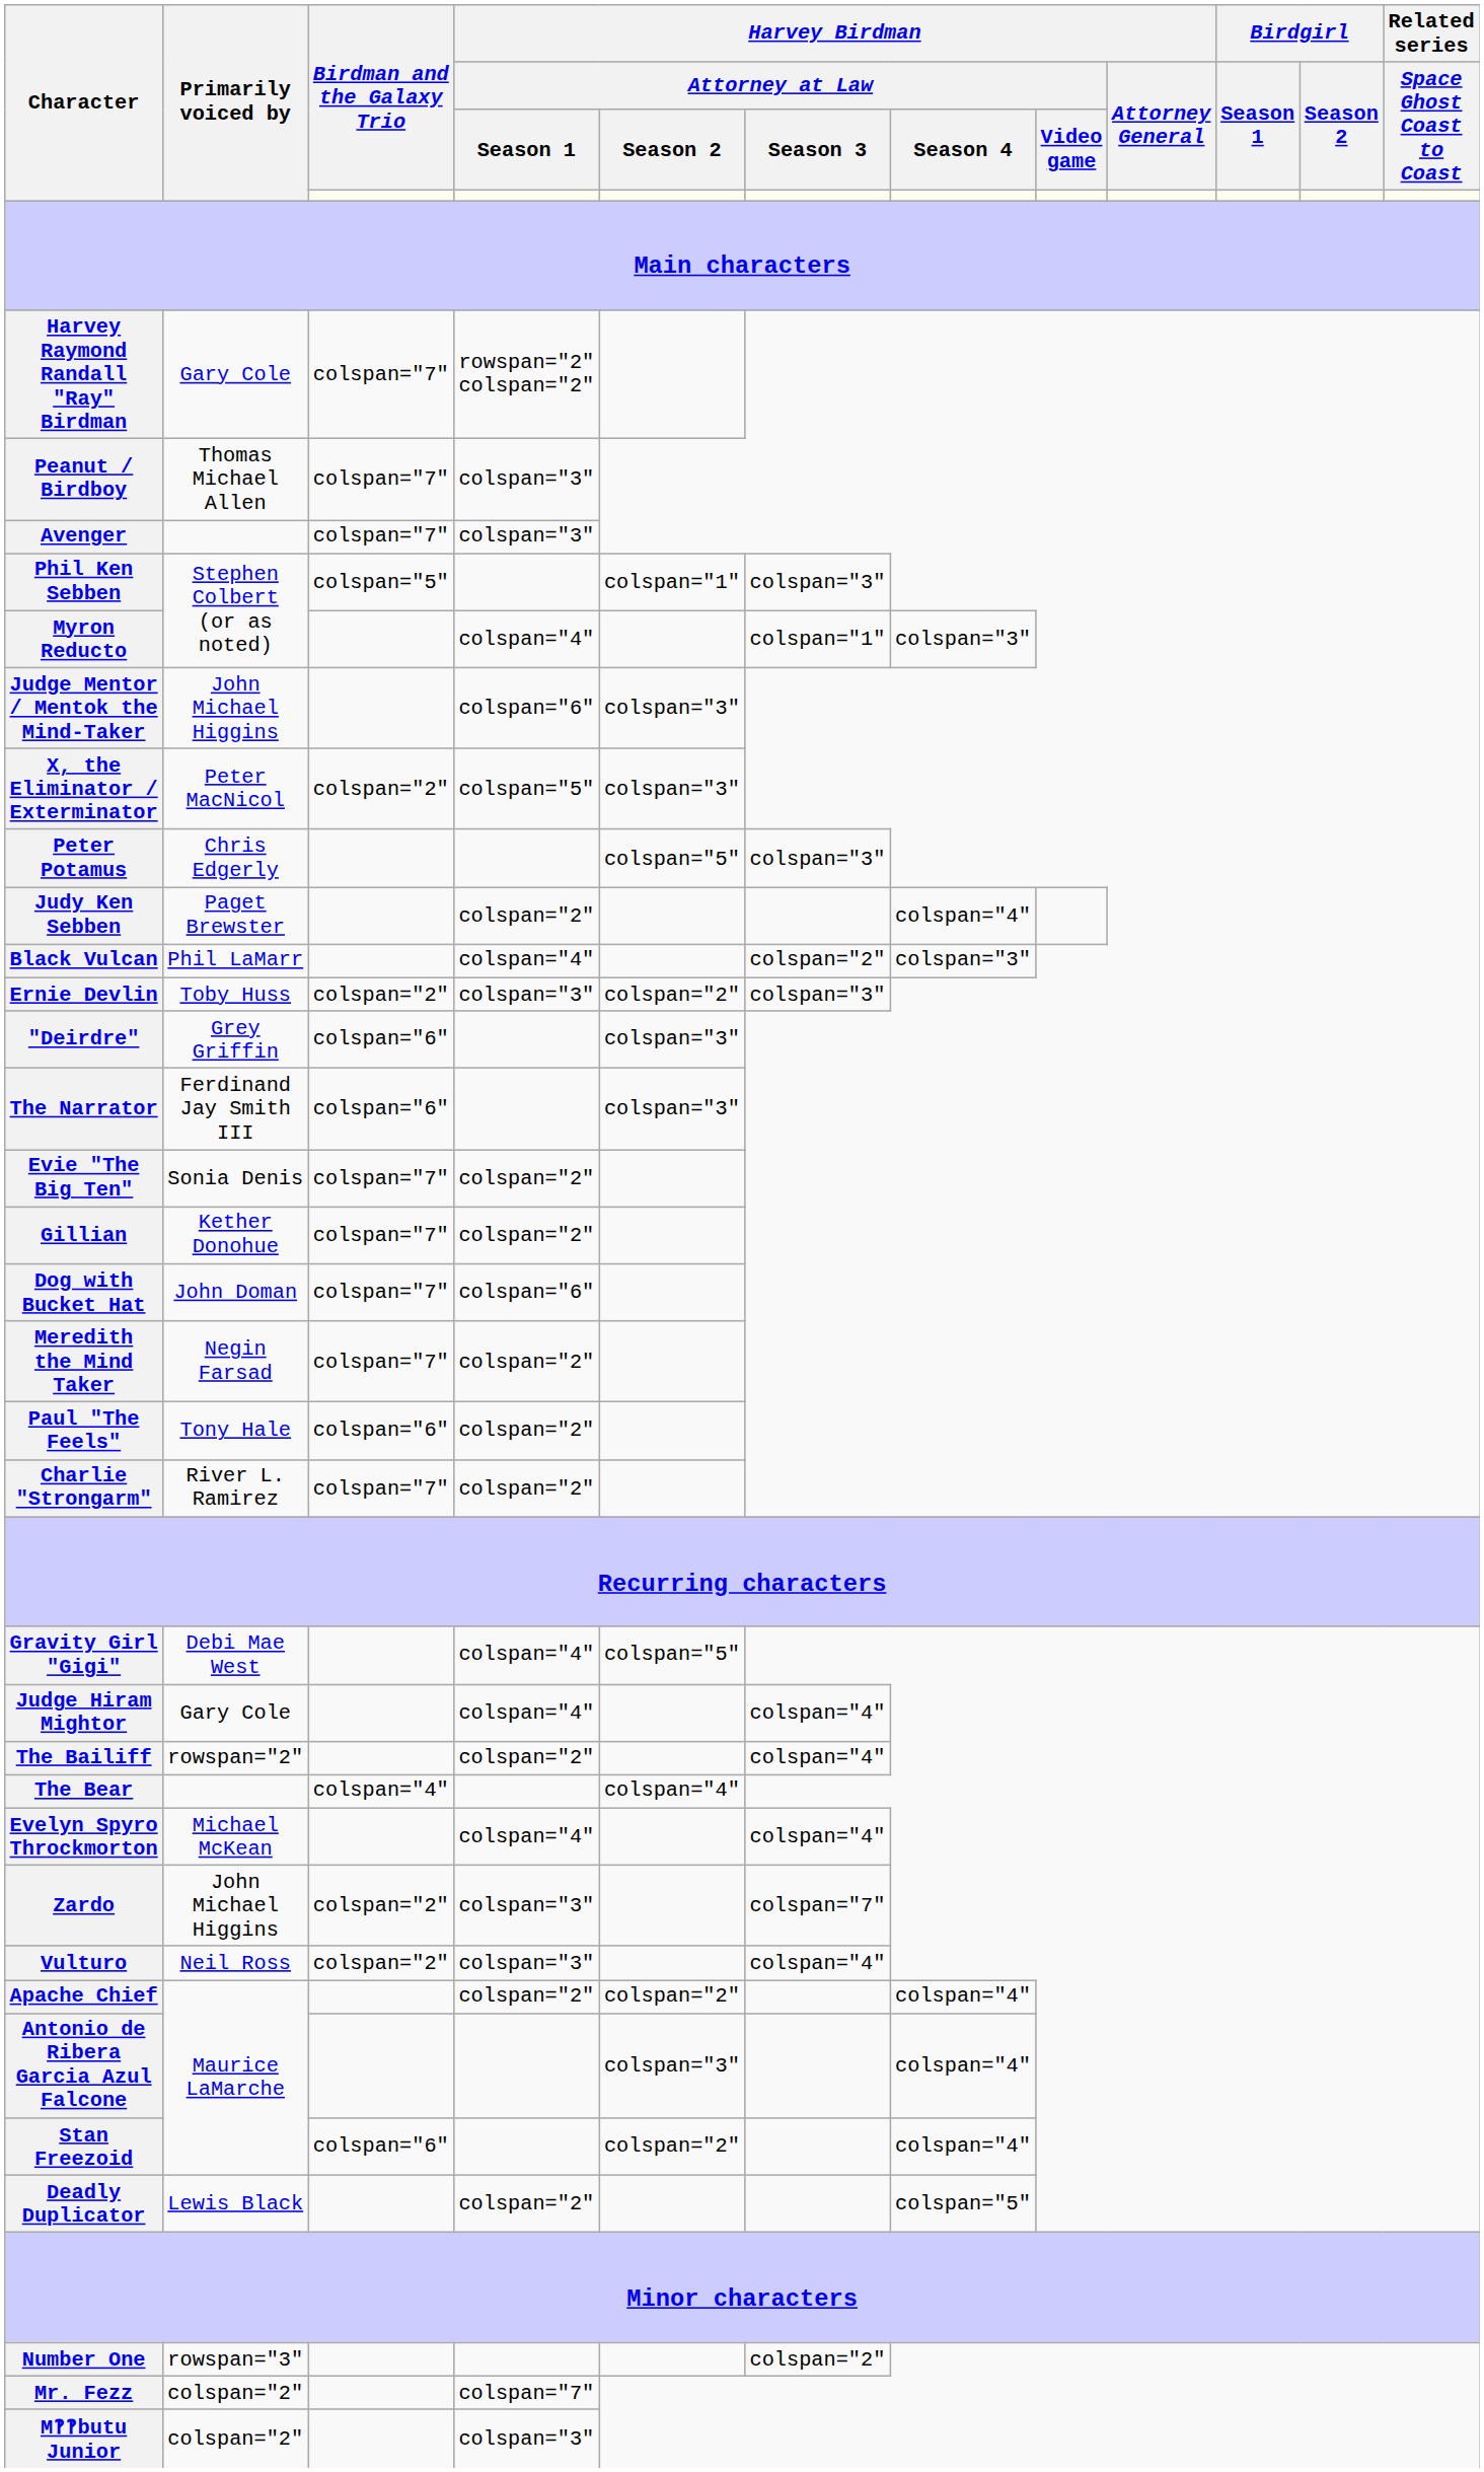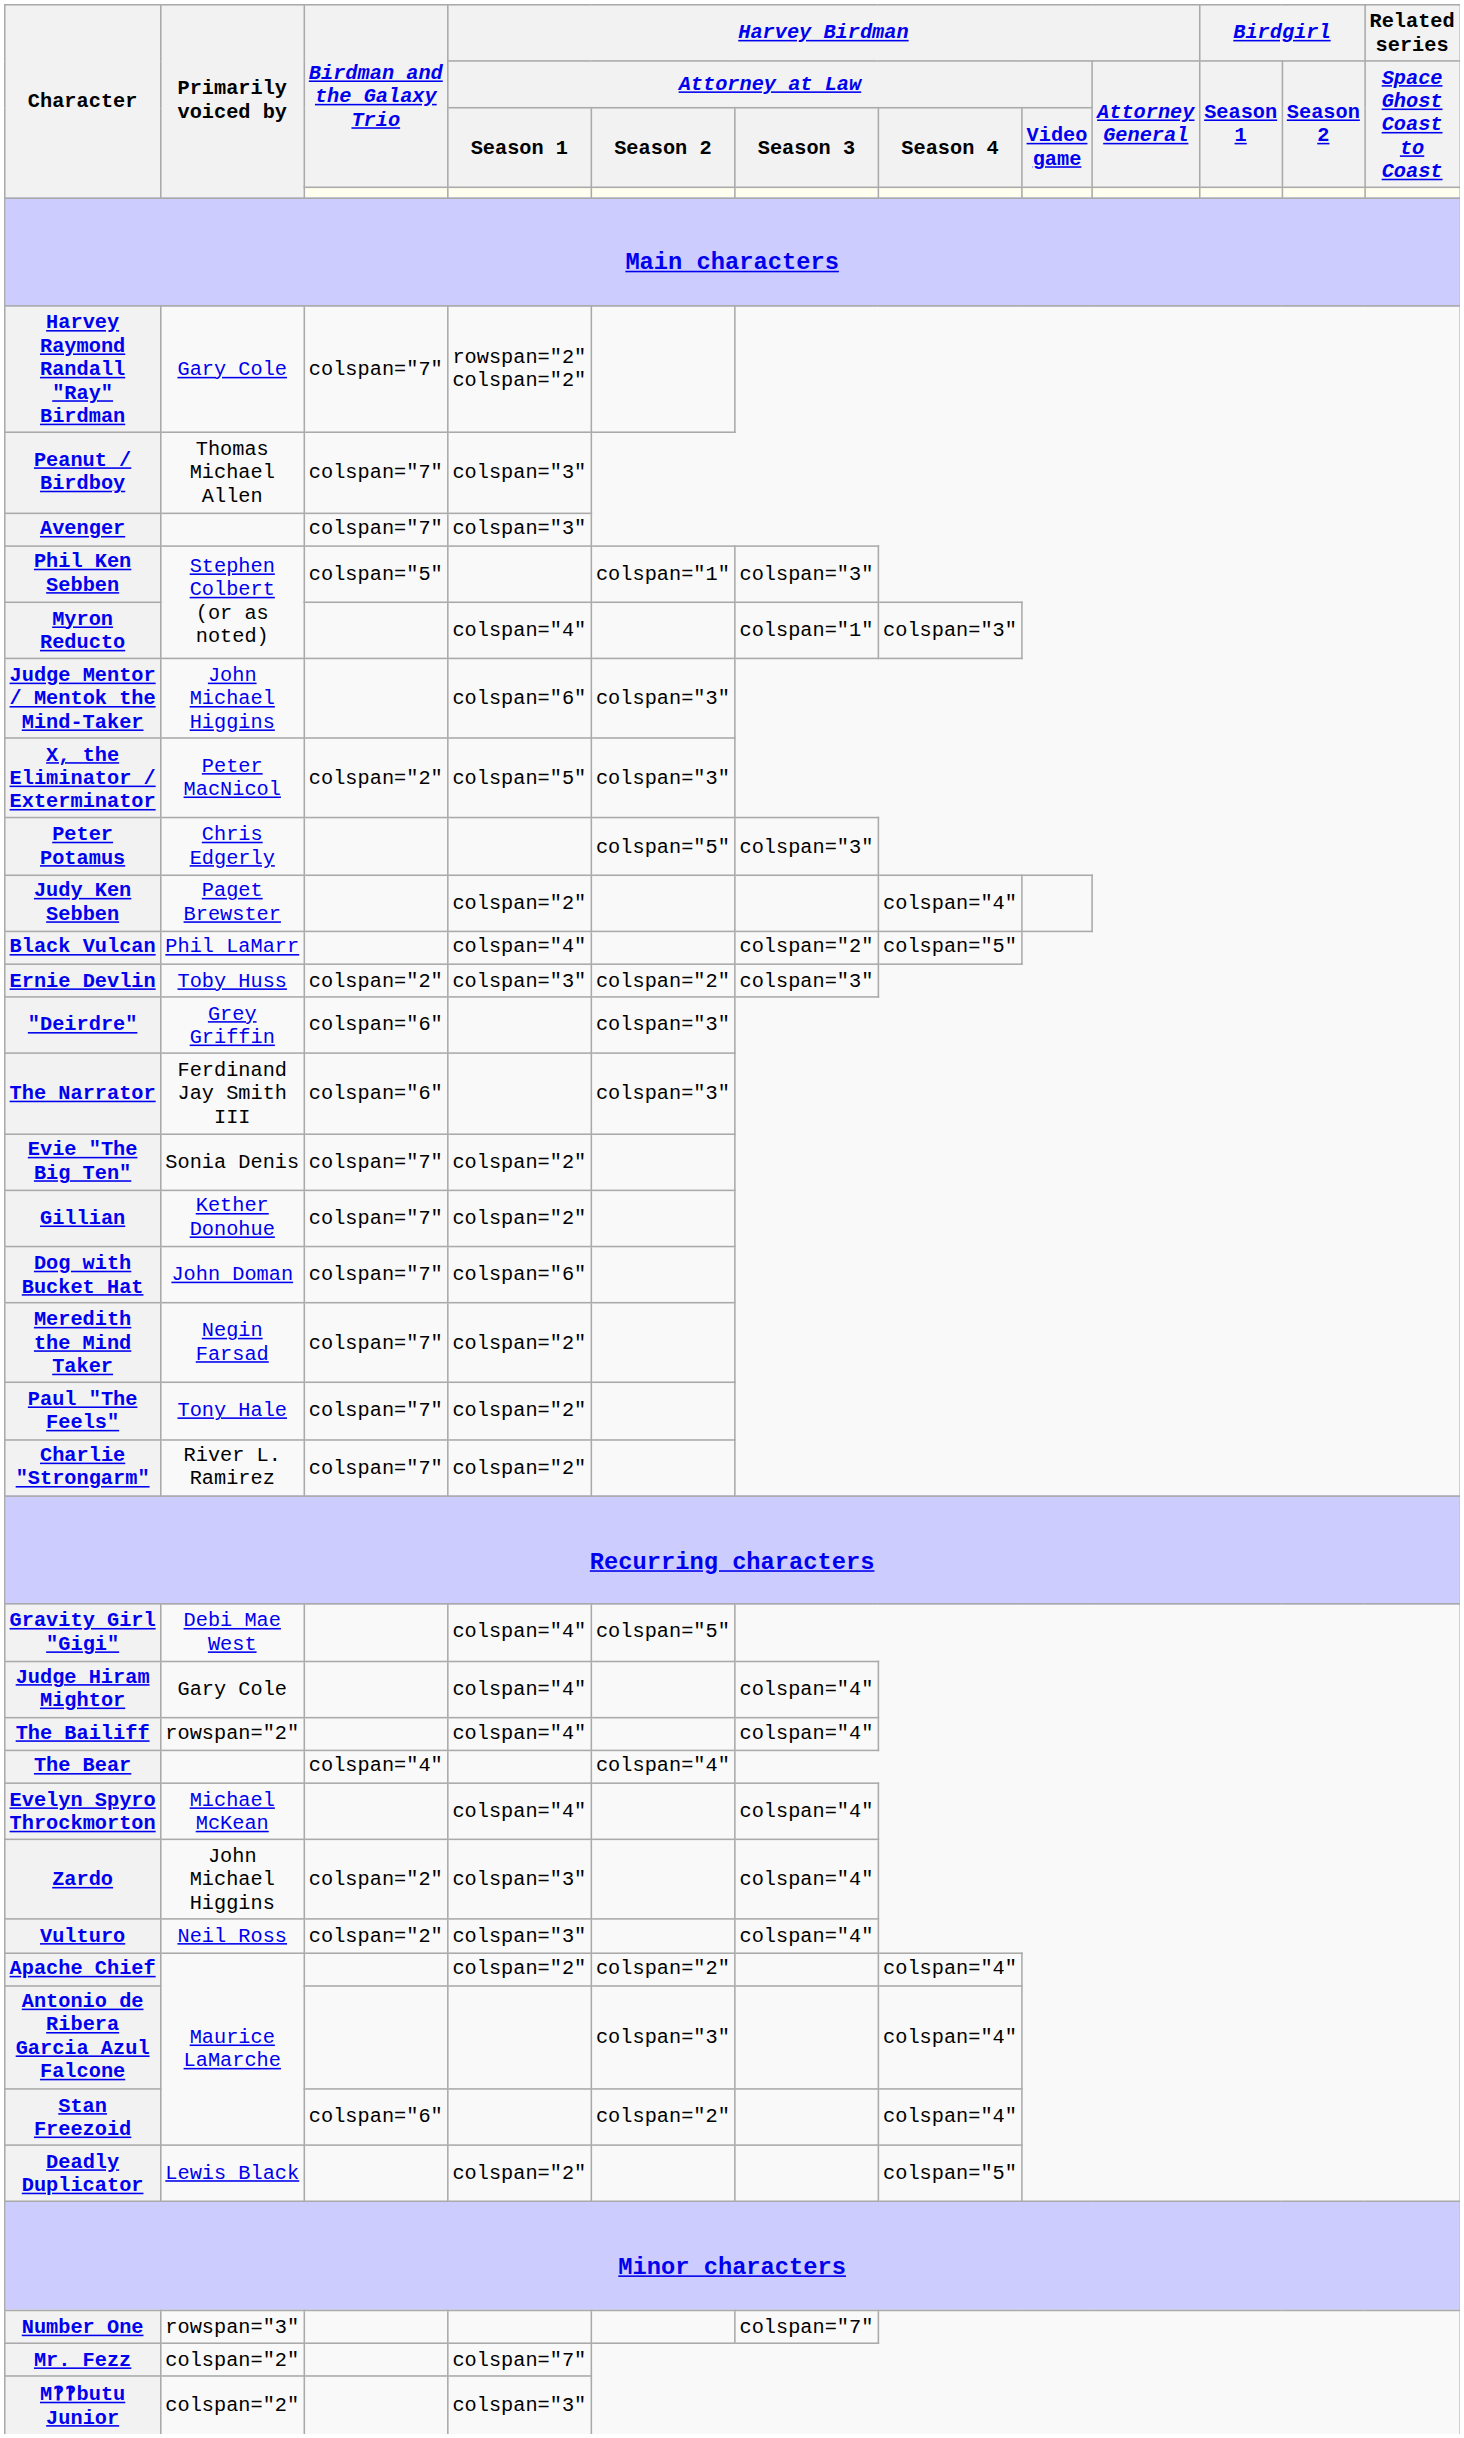 <table class="wikitable" style="text-align:center; width:100%">
 <tr>
 <th scope="col" rowspan="4" style="width:14%;">Character</th>
 <th scope="col" rowspan="4" style="width:10%;">Primarily<br>voiced by</th>
 <th scope="col" rowspan="3" style="width:9.5%;"><em><a href='#'>Birdman and the Galaxy Trio</a></em></th>
 <th scope="col" colspan="6"><em><a href='#'>Harvey Birdman</a></em></th>
 <th scope="col" colspan="2"><em><a href='#'>Birdgirl</a></em></th>
 <th scope="col">Related series</th>
 </tr>
 <tr>
 <th scope="col" colspan="5"><a href='#'><em>Attorney at Law</em></a></th>
 <th scope="col" rowspan="2" style="width:10.5%;"><a href='#'><em>Attorney General</em></a></th>
 <th scope="col" rowspan="2" style="width:6.5%;"><a href='#'>Season 1</a></th>
 <th scope="col" rowspan="2" style="width:6.5%;"><a href='#'>Season 2</a></th>
 <th scope="col" rowspan="2" style="width:10.5%;"><em><a href='#'>Space Ghost<br>Coast to Coast</a></em></th>
 </tr>
 <tr>
 <th scope="col" style="width:6.5%;">Season 1</th>
 <th scope="col" style="width:6.5%;">Season 2</th>
 <th scope="col" style="width:6.5%;">Season 3</th>
 <th scope="col" style="width:6.5%;">Season 4</th>
 <th scope="col" style="width:7.5%;"><a href='#'>Video game</a></th>
 </tr>
 <tr>
 <td style="background:ivory;"></td>
 <td style="background:ivory;"></td>
 <td style="background:ivory;"></td>
 <td style="background:ivory;"></td>
 <td style="background:ivory;"></td>
 <td style="background:ivory;"></td>
 <td style="background:ivory;"></td>
 <td style="background:ivory;"></td>
 <td style="background:ivory;"></td>
 <td style="background:ivory;"></td>
 </tr>
 <tr>
 <th colspan="13" style="background:#ccccff;"><br><h3><a href='#'>Main characters</a></h3></th>
 </tr>
 <tr>
 <th scope="row"><a href='#'>Harvey Raymond Randall "Ray" Birdman</a></th>
 <td><a href='#'>Gary Cole</a></td>
 <td>colspan="7" </td>
 <td>rowspan="2" colspan="2" </td>
 <td></td>
 </tr>
 <tr>
 <th scope="row"><a href='#'>Peanut / Birdboy</a></th>
 <td>Thomas Michael Allen</td>
 <td>colspan="7" </td>
 <td>colspan="3" </td>
 </tr>
 <tr>
 <th scope="row"><a href='#'>Avenger</a></th>
 <td></td>
 <td>colspan="7" </td>
 <td>colspan="3" </td>
 </tr>
 <tr>
 <th scope="row"><a href='#'>Phil Ken Sebben<br></a></th>
 <td rowspan="2"><a href='#'>Stephen Colbert</a><br>(or as noted)</td>
 <td>colspan="5" </td>
 <td></td>
 <td>colspan="1" </td>
 <td>colspan="3" </td>
 </tr>
 <tr>
 <th scope="row"><a href='#'>Myron Reducto</a></th>
 <td></td>
 <td>colspan="4" </td>
 <td></td>
 <td>colspan="1" </td>
 <td>colspan="3" </td>
 </tr>
 <tr>
 <th scope="row"><a href='#'>Judge Mentor / Mentok the Mind-Taker</a></th>
 <td><a href='#'>John Michael Higgins</a></td>
 <td></td>
 <td>colspan="6" </td>
 <td>colspan="3" </td>
 </tr>
 <tr>
 <th scope="row"><a href='#'>X, the Eliminator / Exterminator</a></th>
 <td><a href='#'>Peter MacNicol</a></td>
 <td>colspan="2" </td>
 <td>colspan="5" </td>
 <td>colspan="3" </td>
 </tr>
 <tr>
 <th scope="row"><a href='#'>Peter Potamus</a></th>
 <td><a href='#'>Chris Edgerly</a></td>
 <td></td>
 <td></td>
 <td>colspan="5" </td>
 <td>colspan="3" </td>
 </tr>
 <tr>
 <th scope="row"><a href='#'>Judy Ken Sebben<br></a></th>
 <td><a href='#'>Paget Brewster</a></td>
 <td></td>
 <td>colspan="2" </td>
 <td></td>
 <td></td>
 <td>colspan="4" </td>
 <td></td>
 </tr>
 <tr>
 <th scope="row"><a href='#'>Black Vulcan</a></th>
 <td><a href='#'>Phil LaMarr</a></td>
 <td></td>
 <td>colspan="4" </td>
 <td></td>
 <td>colspan="2" </td>
-<td>colspan="3" </td>
+<td>colspan="5" </td>
 </tr>
 <tr>
 <th scope="row"><a href='#'>Ernie Devlin</a></th>
 <td><a href='#'>Toby Huss</a></td>
 <td>colspan="2" </td>
 <td>colspan="3" </td>
 <td>colspan="2" </td>
 <td>colspan="3" </td>
 </tr>
 <tr>
 <th scope="row"><a href='#'>"Deirdre"</a></th>
 <td><a href='#'>Grey Griffin</a></td>
 <td>colspan="6" </td>
 <td></td>
 <td>colspan="3" </td>
 </tr>
 <tr>
 <th scope="row"><a href='#'>The Narrator</a></th>
 <td>Ferdinand Jay Smith III</td>
 <td>colspan="6" </td>
 <td></td>
 <td>colspan="3" </td>
 </tr>
 <tr>
 <th scope="row"><a href='#'>Evie "The Big Ten"</a></th>
 <td>Sonia Denis</td>
 <td>colspan="7" </td>
 <td>colspan="2" </td>
 <td></td>
 </tr>
 <tr>
 <th scope="row"><a href='#'>Gillian</a></th>
 <td><a href='#'>Kether Donohue</a></td>
 <td>colspan="7" </td>
 <td>colspan="2" </td>
 <td></td>
 </tr>
 <tr>
 <th scope="row"><a href='#'>Dog with Bucket Hat</a></th>
 <td><a href='#'>John Doman</a></td>
 <td>colspan="7" </td>
 <td>colspan="6" </td>
 <td></td>
 </tr>
 <tr>
 <th scope="row"><a href='#'>Meredith<br>the Mind Taker</a></th>
 <td><a href='#'>Negin Farsad</a></td>
 <td>colspan="7" </td>
 <td>colspan="2" </td>
 <td></td>
 </tr>
 <tr>
 <th scope="row"><a href='#'>Paul "The Feels"</a></th>
 <td><a href='#'>Tony Hale</a></td>
-<td>colspan="6" </td>
+<td>colspan="7" </td>
 <td>colspan="2" </td>
 <td></td>
 </tr>
 <tr>
 <th scope="row"><a href='#'>Charlie "Strongarm"</a></th>
 <td>River L. Ramirez</td>
 <td>colspan="7" </td>
 <td>colspan="2" </td>
 <td></td>
 </tr>
 <tr>
 <th colspan="13" style="background:#ccccff;"><br><h3><a href='#'>Recurring characters</a></h3></th>
 </tr>
 <tr>
 <th scope="row"><a href='#'>Gravity Girl "Gigi"</a></th>
 <td><a href='#'>Debi Mae West</a></td>
 <td></td>
 <td>colspan="4" </td>
 <td>colspan="5" </td>
 </tr>
 <tr>
 <th scope="row"><a href='#'>Judge Hiram Mightor</a></th>
 <td>Gary Cole</td>
 <td></td>
 <td>colspan="4" </td>
 <td></td>
 <td>colspan="4" </td>
 </tr>
 <tr>
 <th scope="row"><a href='#'>The Bailiff</a></th>
 <td>rowspan="2" </td>
 <td></td>
-<td>colspan="2" </td>
+<td>colspan="4" </td>
 <td></td>
 <td>colspan="4" </td>
 </tr>
 <tr>
 <th scope="row"><a href='#'>The Bear</a></th>
 <td></td>
 <td>colspan="4" </td>
 <td></td>
 <td>colspan="4" </td>
 </tr>
 <tr>
 <th scope="row"><a href='#'>Evelyn Spyro Throckmorton</a></th>
 <td><a href='#'>Michael McKean</a></td>
 <td></td>
 <td>colspan="4" </td>
 <td></td>
 <td>colspan="4" </td>
 </tr>
 <tr>
 <th scope="row"><a href='#'>Zardo</a></th>
 <td>John Michael Higgins</td>
 <td>colspan="2" </td>
 <td>colspan="3" </td>
 <td></td>
-<td>colspan="7" </td>
+<td>colspan="4" </td>
 </tr>
 <tr>
 <th scope="row"><a href='#'>Vulturo</a></th>
 <td><a href='#'>Neil Ross</a></td>
 <td>colspan="2" </td>
 <td>colspan="3" </td>
 <td></td>
 <td>colspan="4" </td>
 </tr>
 <tr>
 <th scope="row"><a href='#'>Apache Chief</a></th>
 <td rowspan="3"><a href='#'>Maurice LaMarche</a></td>
 <td></td>
 <td>colspan="2" </td>
 <td>colspan="2" </td>
 <td></td>
 <td>colspan="4" </td>
 </tr>
 <tr>
 <th scope="row"><a href='#'>Antonio de Ribera Garcia Azul Falcone</a></th>
 <td></td>
 <td></td>
 <td>colspan="3" </td>
 <td></td>
 <td>colspan="4" </td>
 </tr>
 <tr>
 <th scope="row"><a href='#'>Stan Freezoid</a></th>
 <td>colspan="6" </td>
 <td></td>
 <td>colspan="2" </td>
 <td></td>
 <td>colspan="4" </td>
 </tr>
 <tr>
 <th scope="row"><a href='#'>Deadly Duplicator</a></th>
 <td><a href='#'>Lewis Black</a></td>
 <td></td>
 <td>colspan="2" </td>
 <td></td>
 <td></td>
 <td>colspan="5" </td>
 </tr>
 <tr>
 <th colspan="13" style="background:#ccccff;"><br><h3><a href='#'>Minor characters</a></h3></th>
 </tr>
 <tr>
 <th scope="row"><a href='#'>Number One<br></a></th>
 <td>rowspan="3" </td>
 <td></td>
 <td></td>
 <td></td>
-<td>colspan="2" </td>
+<td>colspan="7" </td>
 </tr>
 <tr>
 <th scope="row"><a href='#'>Mr. Fezz</a></th>
 <td>colspan="2" </td>
 <td></td>
 <td>colspan="7" </td>
 </tr>
 <tr>
 <th scope="row"><a href='#'>M‽‽butu Junior</a></th>
 <td>colspan="2" </td>
 <td></td>
 <td>colspan="3" </td>
 </tr>
 </table>
